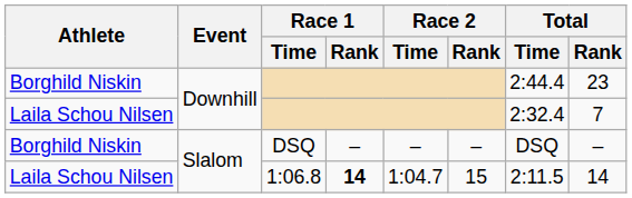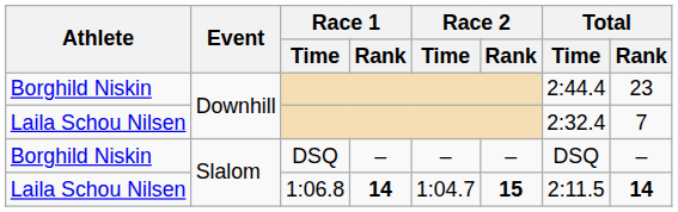 <table class="wikitable" style="font-size:90%">
 <tr>
 <th rowspan="2">Athlete</th>
 <th rowspan="2">Event</th>
 <th colspan="2">Race 1</th>
 <th colspan="2">Race 2</th>
 <th colspan="2">Total</th>
 </tr>
 <tr>
 <th>Time</th>
 <th>Rank</th>
 <th>Time</th>
 <th>Rank</th>
 <th>Time</th>
 <th>Rank</th>
 </tr>
 <tr>
 <td><a href='#'>Borghild Niskin</a></td>
 <td rowspan="2">Downhill</td>
 <td colspan="4" bgcolor="wheat"></td>
 <td align="center">2:44.4</td>
 <td align="center">23</td>
 </tr>
 <tr>
 <td><a href='#'>Laila Schou Nilsen</a></td>
 <td colspan="4" bgcolor="wheat"></td>
 <td align="center">2:32.4</td>
 <td align="center">7</td>
 </tr>
 <tr>
 <td><a href='#'>Borghild Niskin</a></td>
 <td rowspan="2">Slalom</td>
 <td align="center">DSQ</td>
 <td align="center">–</td>
 <td align="center">–</td>
 <td align="center">–</td>
 <td align="center">DSQ</td>
 <td align="center">–</td>
 </tr>
 <tr>
 <td><a href='#'>Laila Schou Nilsen</a></td>
 <td align="center">1:06.8</td>
 <td align="center"><strong>14</strong></td>
 <td align="center">1:04.7</td>
-<td align="center">15</td>
+<td align="center"><strong>15</strong></td>
 <td align="center">2:11.5</td>
-<td align="center">14</td>
+<td align="center"><strong>14</strong></td>
 </tr>
 </table>
